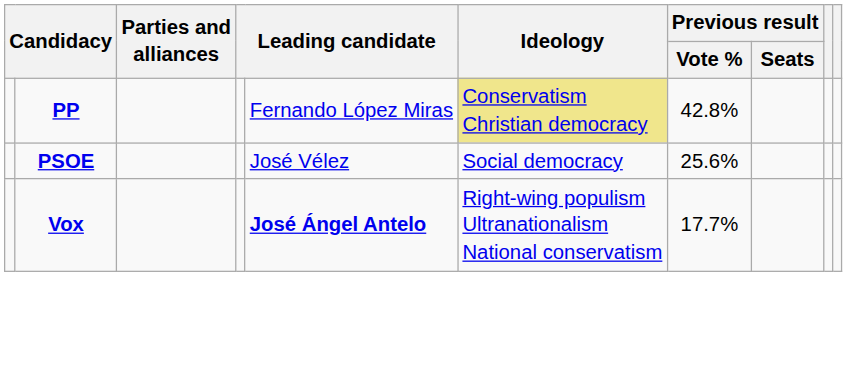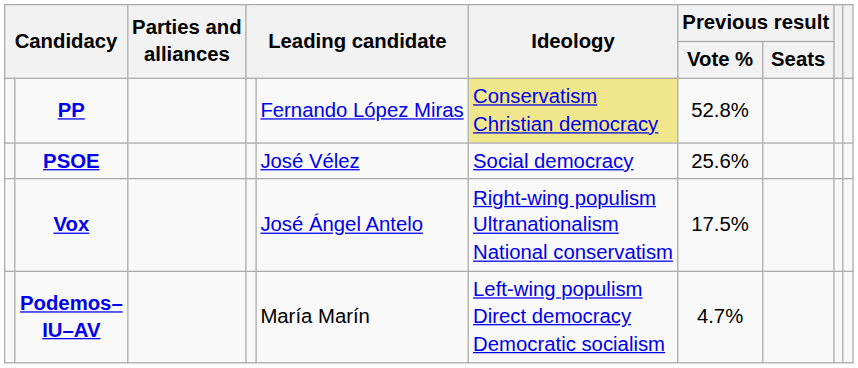 <table class="wikitable" style="line-height:1.35em; text-align:left;">
 <tr>
 <th colspan="2" rowspan="2">Candidacy</th>
 <th rowspan="2">Parties and<br>alliances</th>
 <th colspan="2" rowspan="2">Leading candidate</th>
 <th rowspan="2">Ideology</th>
 <th colspan="2">Previous result</th>
 <th rowspan="2"></th>
 <th rowspan="2"></th>
 </tr>
 <tr>
 <th>Vote %</th>
 <th>Seats</th>
 </tr>
 <tr>
 <td width="1" style="color:inherit;background:"></td>
 <td align="center"><strong><a href='#'>PP</a></strong></td>
 <td></td>
 <td></td>
 <td><a href='#'>Fernando López Miras</a></td>
 <td style="background: khaki;"><a href='#'>Conservatism</a><br><a href='#'>Christian democracy</a></td>
-<td align="center">42.8%</td>
+<td align="center">52.8%</td>
 <td></td>
 <td></td>
 <td></td>
 </tr>
 <tr>
 <td style="color:inherit;background:"></td>
 <td align="center"><strong><a href='#'>PSOE</a></strong></td>
 <td></td>
 <td></td>
 <td><a href='#'>José Vélez</a></td>
 <td><a href='#'>Social democracy</a></td>
 <td align="center">25.6%</td>
 <td></td>
 <td></td>
 <td></td>
 </tr>
 <tr>
 <td style="color:inherit;background:"></td>
 <td align="center"><strong><a href='#'>Vox</a></strong></td>
 <td></td>
 <td></td>
-<td><strong><a href='#'>José Ángel Antelo</a></strong></td>
+<td><a href='#'>José Ángel Antelo</a></td>
 <td><a href='#'>Right-wing populism</a><br><a href='#'>Ultranationalism</a><br><a href='#'>National conservatism</a></td>
-<td align="center">17.7%</td>
+<td align="center">17.5%</td>
+<td></td>
+<td></td>
+<td></td>
+</tr>
+<tr>
+<td style="color:inherit;background:"></td>
+<td align="center"><strong><a href='#'>Podemos–<br>IU–AV</a></strong></td>
+<td></td>
+<td></td>
+<td>María Marín</td>
+<td><a href='#'>Left-wing populism</a><br><a href='#'>Direct democracy</a><br><a href='#'>Democratic socialism</a></td>
+<td align="center">4.7%</td>
 <td></td>
 <td></td>
 <td></td>
 </tr>
 </table>
